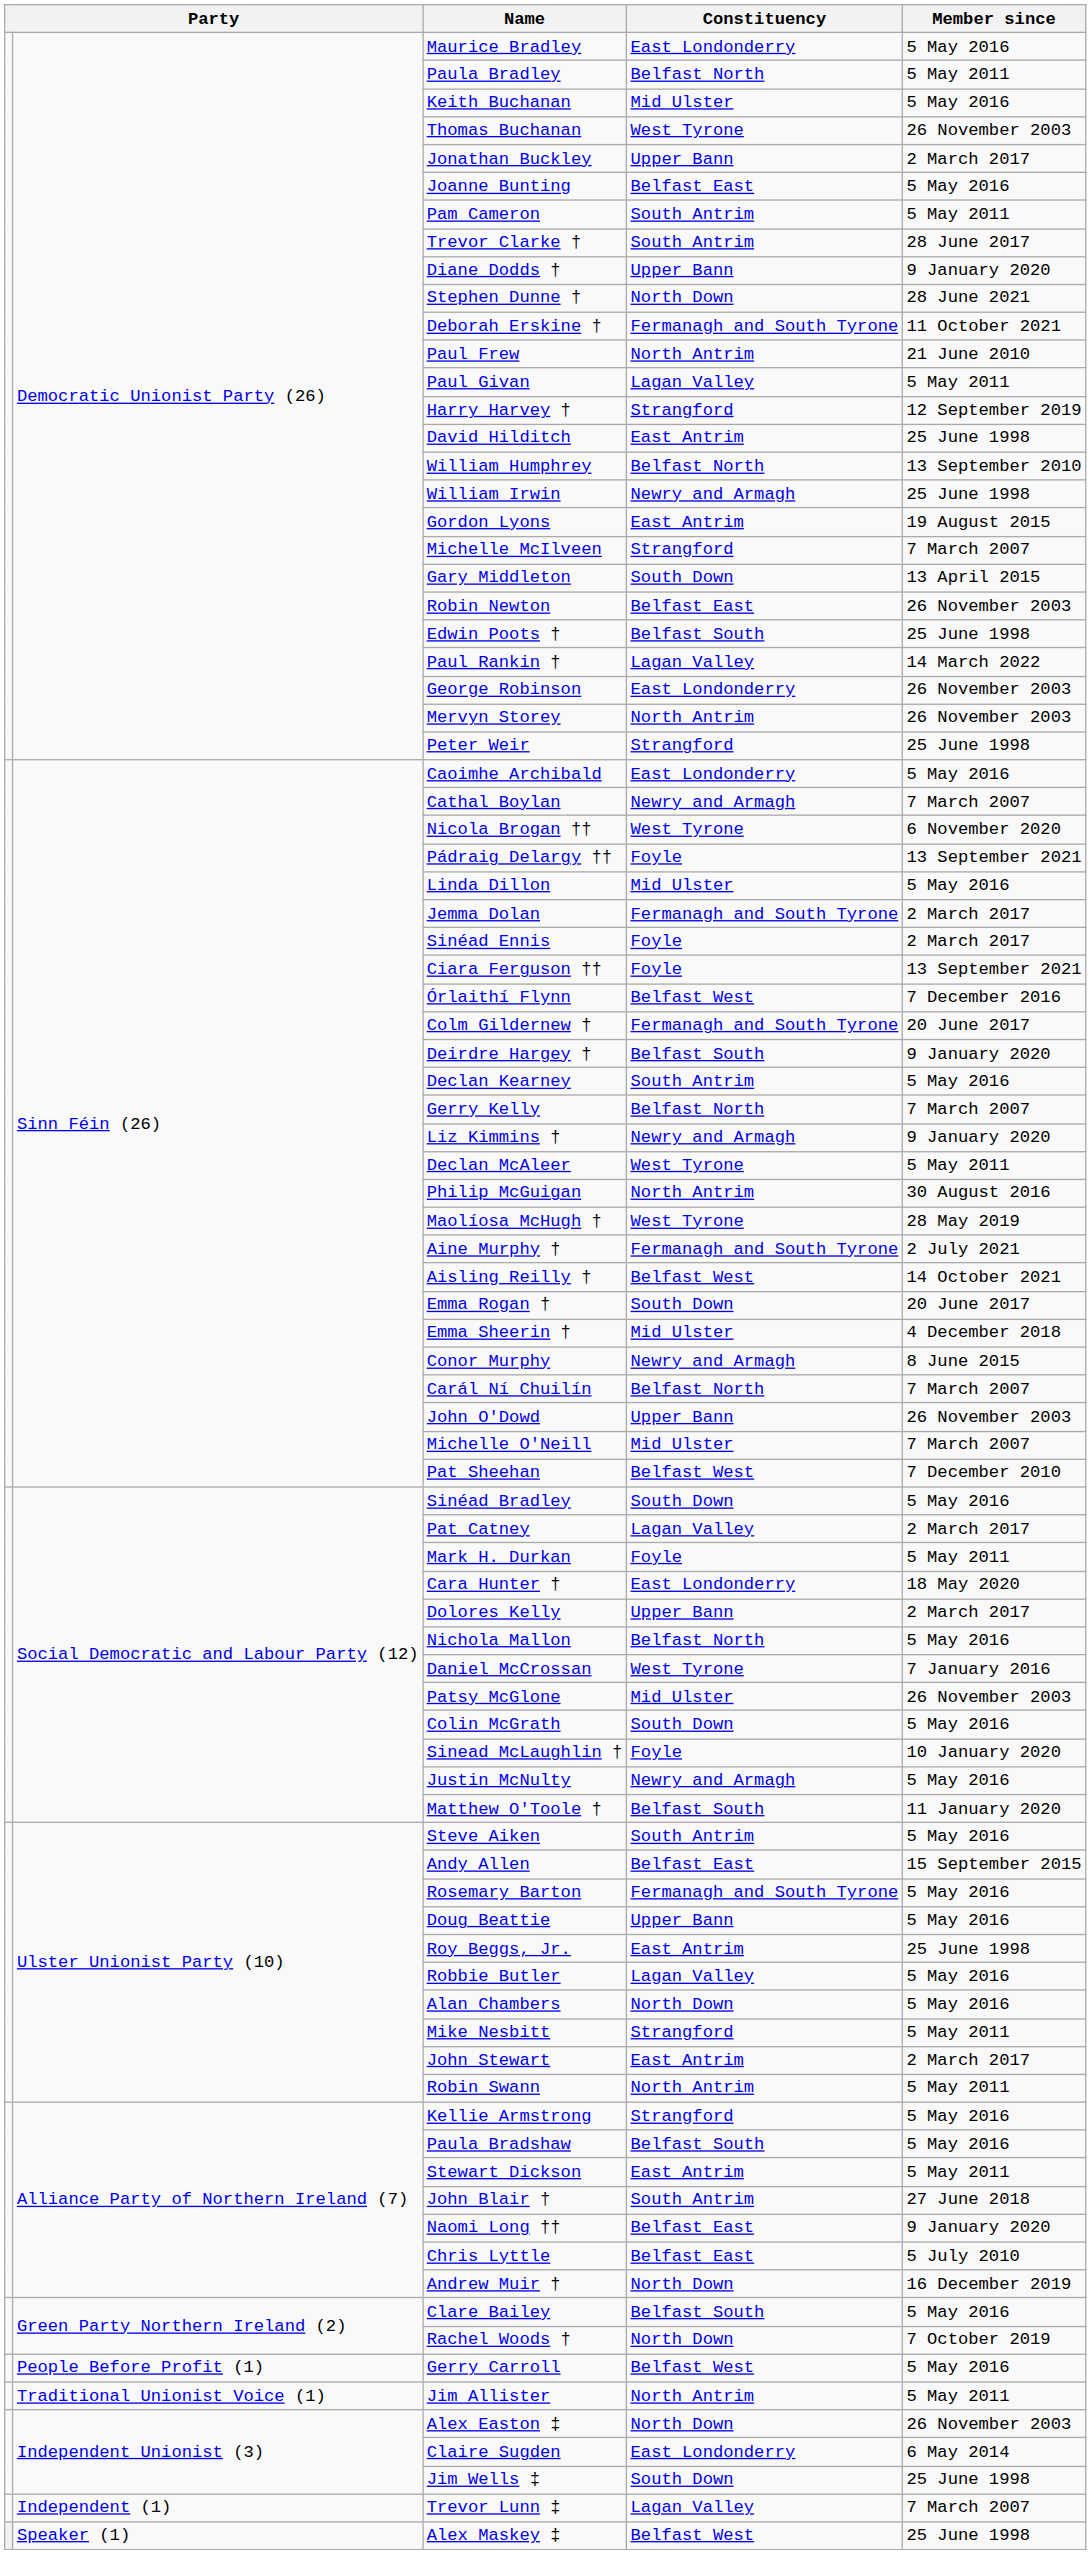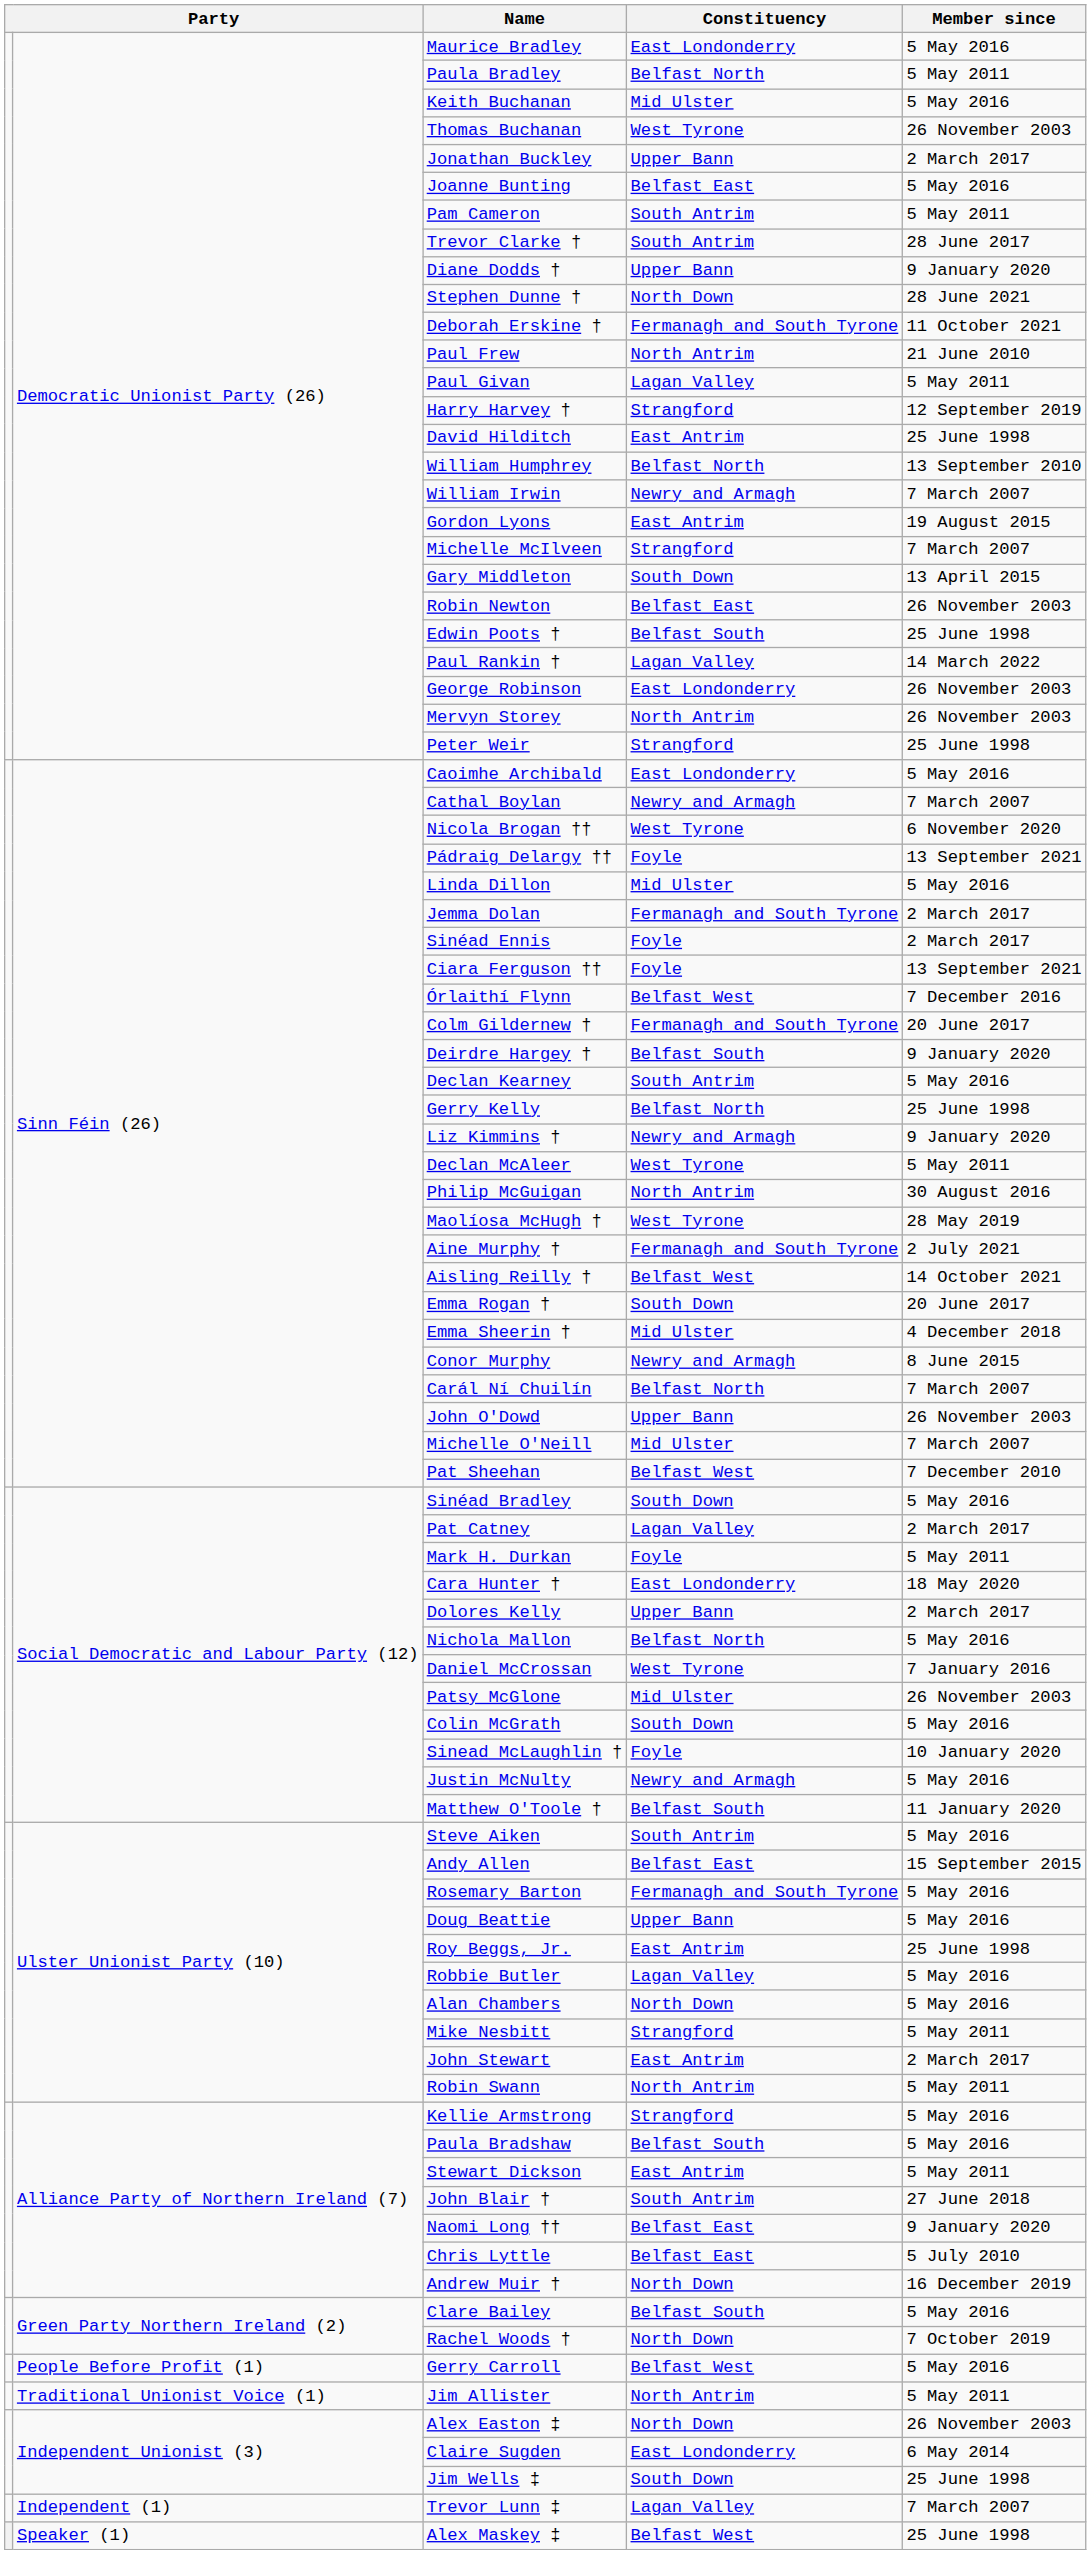 <table class="wikitable sortable">
 <tr>
 <th colspan="2">Party</th>
 <th>Name</th>
 <th>Constituency</th>
 <th>Member since</th>
 </tr>
 <tr>
 <td rowspan="26" style="background-color:"></td>
 <td rowspan="26"><a href='#'>Democratic Unionist Party</a> (26)</td>
 <td><a href='#'>Maurice Bradley</a></td>
 <td><a href='#'>East Londonderry</a></td>
 <td>5 May 2016</td>
 </tr>
 <tr>
 <td><a href='#'>Paula Bradley</a></td>
 <td><a href='#'>Belfast North</a></td>
 <td>5 May 2011</td>
 </tr>
 <tr>
 <td><a href='#'>Keith Buchanan</a></td>
 <td><a href='#'>Mid Ulster</a></td>
 <td>5 May 2016</td>
 </tr>
 <tr>
 <td><a href='#'>Thomas Buchanan</a></td>
 <td><a href='#'>West Tyrone</a></td>
 <td>26 November 2003</td>
 </tr>
 <tr>
 <td><a href='#'>Jonathan Buckley</a></td>
 <td><a href='#'>Upper Bann</a></td>
 <td>2 March 2017</td>
 </tr>
 <tr>
 <td><a href='#'>Joanne Bunting</a></td>
 <td><a href='#'>Belfast East</a></td>
 <td>5 May 2016</td>
 </tr>
 <tr>
 <td><a href='#'>Pam Cameron</a></td>
 <td><a href='#'>South Antrim</a></td>
 <td>5 May 2011</td>
 </tr>
 <tr>
 <td><a href='#'>Trevor Clarke</a> †</td>
 <td><a href='#'>South Antrim</a></td>
 <td>28 June 2017</td>
 </tr>
 <tr>
 <td><a href='#'>Diane Dodds</a> †</td>
 <td><a href='#'>Upper Bann</a></td>
 <td>9 January 2020</td>
 </tr>
 <tr>
 <td><a href='#'>Stephen Dunne</a> †</td>
 <td><a href='#'>North Down</a></td>
 <td>28 June 2021</td>
 </tr>
 <tr>
 <td><a href='#'>Deborah Erskine</a> †</td>
 <td><a href='#'>Fermanagh and South Tyrone</a></td>
 <td>11 October 2021</td>
 </tr>
 <tr>
 <td><a href='#'>Paul Frew</a></td>
 <td><a href='#'>North Antrim</a></td>
 <td>21 June 2010</td>
 </tr>
 <tr>
 <td><a href='#'>Paul Givan</a></td>
 <td><a href='#'>Lagan Valley</a></td>
 <td>5 May 2011</td>
 </tr>
 <tr>
 <td><a href='#'>Harry Harvey</a> †</td>
 <td><a href='#'>Strangford</a></td>
 <td>12 September 2019</td>
 </tr>
 <tr>
 <td><a href='#'>David Hilditch</a></td>
 <td><a href='#'>East Antrim</a></td>
 <td>25 June 1998</td>
 </tr>
 <tr>
 <td><a href='#'>William Humphrey</a></td>
 <td><a href='#'>Belfast North</a></td>
 <td>13 September 2010</td>
 </tr>
 <tr>
 <td><a href='#'>William Irwin</a></td>
 <td><a href='#'>Newry and Armagh</a></td>
-<td>25 June 1998</td>
+<td>7 March 2007</td>
 </tr>
 <tr>
 <td><a href='#'>Gordon Lyons</a></td>
 <td><a href='#'>East Antrim</a></td>
 <td>19 August 2015</td>
 </tr>
 <tr>
 <td><a href='#'>Michelle McIlveen</a></td>
 <td><a href='#'>Strangford</a></td>
 <td>7 March 2007</td>
 </tr>
 <tr>
 <td><a href='#'>Gary Middleton</a></td>
 <td><a href='#'>South Down</a></td>
 <td>13 April 2015</td>
 </tr>
 <tr>
 <td><a href='#'>Robin Newton</a></td>
 <td><a href='#'>Belfast East</a></td>
 <td>26 November 2003</td>
 </tr>
 <tr>
 <td><a href='#'>Edwin Poots</a> †</td>
 <td><a href='#'>Belfast South</a></td>
 <td>25 June 1998</td>
 </tr>
 <tr>
 <td><a href='#'>Paul Rankin</a> †</td>
 <td><a href='#'>Lagan Valley</a></td>
 <td>14 March 2022</td>
 </tr>
 <tr>
 <td><a href='#'>George Robinson</a></td>
 <td><a href='#'>East Londonderry</a></td>
 <td>26 November 2003</td>
 </tr>
 <tr>
 <td><a href='#'>Mervyn Storey</a></td>
 <td><a href='#'>North Antrim</a></td>
 <td>26 November 2003</td>
 </tr>
 <tr>
 <td><a href='#'>Peter Weir</a></td>
 <td><a href='#'>Strangford</a></td>
 <td>25 June 1998</td>
 </tr>
 <tr>
 <td rowspan="26" style="background-color:"></td>
 <td rowspan="26"><a href='#'>Sinn Féin</a> (26)</td>
 <td><a href='#'>Caoimhe Archibald</a></td>
 <td><a href='#'>East Londonderry</a></td>
 <td>5 May 2016</td>
 </tr>
 <tr>
 <td><a href='#'>Cathal Boylan</a></td>
 <td><a href='#'>Newry and Armagh</a></td>
 <td>7 March 2007</td>
 </tr>
 <tr>
 <td><a href='#'>Nicola Brogan</a> ††</td>
 <td><a href='#'>West Tyrone</a></td>
 <td>6 November 2020</td>
 </tr>
 <tr>
 <td><a href='#'>Pádraig Delargy</a> ††</td>
 <td><a href='#'>Foyle</a></td>
 <td>13 September 2021</td>
 </tr>
 <tr>
 <td><a href='#'>Linda Dillon</a></td>
 <td><a href='#'>Mid Ulster</a></td>
 <td>5 May 2016</td>
 </tr>
 <tr>
 <td><a href='#'>Jemma Dolan</a></td>
 <td><a href='#'>Fermanagh and South Tyrone</a></td>
 <td>2 March 2017</td>
 </tr>
 <tr>
 <td><a href='#'>Sinéad Ennis</a></td>
 <td><a href='#'>Foyle</a></td>
 <td>2 March 2017</td>
 </tr>
 <tr>
 <td><a href='#'>Ciara Ferguson</a> ††</td>
 <td><a href='#'>Foyle</a></td>
 <td>13 September 2021</td>
 </tr>
 <tr>
 <td><a href='#'>Órlaithí Flynn</a></td>
 <td><a href='#'>Belfast West</a></td>
 <td>7 December 2016</td>
 </tr>
 <tr>
 <td><a href='#'>Colm Gildernew</a> †</td>
 <td><a href='#'>Fermanagh and South Tyrone</a></td>
 <td>20 June 2017</td>
 </tr>
 <tr>
 <td><a href='#'>Deirdre Hargey</a> †</td>
 <td><a href='#'>Belfast South</a></td>
 <td>9 January 2020</td>
 </tr>
 <tr>
 <td><a href='#'>Declan Kearney</a></td>
 <td><a href='#'>South Antrim</a></td>
 <td>5 May 2016</td>
 </tr>
 <tr>
 <td><a href='#'>Gerry Kelly</a></td>
 <td><a href='#'>Belfast North</a></td>
-<td>7 March 2007</td>
+<td>25 June 1998</td>
 </tr>
 <tr>
 <td><a href='#'>Liz Kimmins</a> †</td>
 <td><a href='#'>Newry and Armagh</a></td>
 <td>9 January 2020</td>
 </tr>
 <tr>
 <td><a href='#'>Declan McAleer</a></td>
 <td><a href='#'>West Tyrone</a></td>
 <td>5 May 2011</td>
 </tr>
 <tr>
 <td><a href='#'>Philip McGuigan</a></td>
 <td><a href='#'>North Antrim</a></td>
 <td>30 August 2016</td>
 </tr>
 <tr>
 <td><a href='#'>Maolíosa McHugh</a> †</td>
 <td><a href='#'>West Tyrone</a></td>
 <td>28 May 2019</td>
 </tr>
 <tr>
 <td><a href='#'>Aine Murphy</a> †</td>
 <td><a href='#'>Fermanagh and South Tyrone</a></td>
 <td>2 July 2021</td>
 </tr>
 <tr>
 <td><a href='#'>Aisling Reilly</a> †</td>
 <td><a href='#'>Belfast West</a></td>
 <td>14 October 2021</td>
 </tr>
 <tr>
 <td><a href='#'>Emma Rogan</a> †</td>
 <td><a href='#'>South Down</a></td>
 <td>20 June 2017</td>
 </tr>
 <tr>
 <td><a href='#'>Emma Sheerin</a> †</td>
 <td><a href='#'>Mid Ulster</a></td>
 <td>4 December 2018</td>
 </tr>
 <tr>
 <td><a href='#'>Conor Murphy</a></td>
 <td><a href='#'>Newry and Armagh</a></td>
 <td>8 June 2015</td>
 </tr>
 <tr>
 <td><a href='#'>Carál Ní Chuilín</a></td>
 <td><a href='#'>Belfast North</a></td>
 <td>7 March 2007</td>
 </tr>
 <tr>
 <td><a href='#'>John O'Dowd</a></td>
 <td><a href='#'>Upper Bann</a></td>
 <td>26 November 2003</td>
 </tr>
 <tr>
 <td><a href='#'>Michelle O'Neill</a></td>
 <td><a href='#'>Mid Ulster</a></td>
 <td>7 March 2007</td>
 </tr>
 <tr>
 <td><a href='#'>Pat Sheehan</a></td>
 <td><a href='#'>Belfast West</a></td>
 <td>7 December 2010</td>
 </tr>
 <tr>
 <td rowspan="12" style="background-color:"></td>
 <td rowspan="12"><a href='#'>Social Democratic and Labour Party</a> (12)</td>
 <td><a href='#'>Sinéad Bradley</a></td>
 <td><a href='#'>South Down</a></td>
 <td>5 May 2016</td>
 </tr>
 <tr>
 <td><a href='#'>Pat Catney</a></td>
 <td><a href='#'>Lagan Valley</a></td>
 <td>2 March 2017</td>
 </tr>
 <tr>
 <td><a href='#'>Mark H. Durkan</a></td>
 <td><a href='#'>Foyle</a></td>
 <td>5 May 2011</td>
 </tr>
 <tr>
 <td><a href='#'>Cara Hunter</a> †</td>
 <td><a href='#'>East Londonderry</a></td>
 <td>18 May 2020</td>
 </tr>
 <tr>
 <td><a href='#'>Dolores Kelly</a></td>
 <td><a href='#'>Upper Bann</a></td>
 <td>2 March 2017</td>
 </tr>
 <tr>
 <td><a href='#'>Nichola Mallon</a></td>
 <td><a href='#'>Belfast North</a></td>
 <td>5 May 2016</td>
 </tr>
 <tr>
 <td><a href='#'>Daniel McCrossan</a></td>
 <td><a href='#'>West Tyrone</a></td>
 <td>7 January 2016</td>
 </tr>
 <tr>
 <td><a href='#'>Patsy McGlone</a></td>
 <td><a href='#'>Mid Ulster</a></td>
 <td>26 November 2003</td>
 </tr>
 <tr>
 <td><a href='#'>Colin McGrath</a></td>
 <td><a href='#'>South Down</a></td>
 <td>5 May 2016</td>
 </tr>
 <tr>
 <td><a href='#'>Sinead McLaughlin</a> †</td>
 <td><a href='#'>Foyle</a></td>
 <td>10 January 2020</td>
 </tr>
 <tr>
 <td><a href='#'>Justin McNulty</a></td>
 <td><a href='#'>Newry and Armagh</a></td>
 <td>5 May 2016</td>
 </tr>
 <tr>
 <td><a href='#'>Matthew O'Toole</a> †</td>
 <td><a href='#'>Belfast South</a></td>
 <td>11 January 2020</td>
 </tr>
 <tr>
 <td rowspan="10" style="background-color:"></td>
 <td rowspan="10"><a href='#'>Ulster Unionist Party</a> (10)</td>
 <td><a href='#'>Steve Aiken</a></td>
 <td><a href='#'>South Antrim</a></td>
 <td>5 May 2016</td>
 </tr>
 <tr>
 <td><a href='#'>Andy Allen</a></td>
 <td><a href='#'>Belfast East</a></td>
 <td>15 September 2015</td>
 </tr>
 <tr>
 <td><a href='#'>Rosemary Barton</a></td>
 <td><a href='#'>Fermanagh and South Tyrone</a></td>
 <td>5 May 2016</td>
 </tr>
 <tr>
 <td><a href='#'>Doug Beattie</a></td>
 <td><a href='#'>Upper Bann</a></td>
 <td>5 May 2016</td>
 </tr>
 <tr>
 <td><a href='#'>Roy Beggs, Jr.</a></td>
 <td><a href='#'>East Antrim</a></td>
 <td>25 June 1998</td>
 </tr>
 <tr>
 <td><a href='#'>Robbie Butler</a></td>
 <td><a href='#'>Lagan Valley</a></td>
 <td>5 May 2016</td>
 </tr>
 <tr>
 <td><a href='#'>Alan Chambers</a></td>
 <td><a href='#'>North Down</a></td>
 <td>5 May 2016</td>
 </tr>
 <tr>
 <td><a href='#'>Mike Nesbitt</a></td>
 <td><a href='#'>Strangford</a></td>
 <td>5 May 2011</td>
 </tr>
 <tr>
 <td><a href='#'>John Stewart</a></td>
 <td><a href='#'>East Antrim</a></td>
 <td>2 March 2017</td>
 </tr>
 <tr>
 <td><a href='#'>Robin Swann</a></td>
 <td><a href='#'>North Antrim</a></td>
 <td>5 May 2011</td>
 </tr>
 <tr>
 <td rowspan="7" style="background-color:"></td>
 <td rowspan="7"><a href='#'>Alliance Party of Northern Ireland</a> (7)</td>
 <td><a href='#'>Kellie Armstrong</a></td>
 <td><a href='#'>Strangford</a></td>
 <td>5 May 2016</td>
 </tr>
 <tr>
 <td><a href='#'>Paula Bradshaw</a></td>
 <td><a href='#'>Belfast South</a></td>
 <td>5 May 2016</td>
 </tr>
 <tr>
 <td><a href='#'>Stewart Dickson</a></td>
 <td><a href='#'>East Antrim</a></td>
 <td>5 May 2011</td>
 </tr>
 <tr>
 <td><a href='#'>John Blair</a> †</td>
 <td><a href='#'>South Antrim</a></td>
 <td>27 June 2018</td>
 </tr>
 <tr>
 <td><a href='#'>Naomi Long</a> ††</td>
 <td><a href='#'>Belfast East</a></td>
 <td>9 January 2020</td>
 </tr>
 <tr>
 <td><a href='#'>Chris Lyttle</a></td>
 <td><a href='#'>Belfast East</a></td>
 <td>5 July 2010</td>
 </tr>
 <tr>
 <td><a href='#'>Andrew Muir</a> †</td>
 <td><a href='#'>North Down</a></td>
 <td>16 December 2019</td>
 </tr>
 <tr>
 <td rowspan="2" style="background-color:"></td>
 <td rowspan="2"><a href='#'>Green Party Northern Ireland</a> (2)</td>
 <td><a href='#'>Clare Bailey</a></td>
 <td><a href='#'>Belfast South</a></td>
 <td>5 May 2016</td>
 </tr>
 <tr>
 <td><a href='#'>Rachel Woods</a> †</td>
 <td><a href='#'>North Down</a></td>
 <td>7 October 2019</td>
 </tr>
 <tr>
 <td style="background-color:"></td>
 <td><a href='#'>People Before Profit</a> (1)</td>
 <td><a href='#'>Gerry Carroll</a></td>
 <td><a href='#'>Belfast West</a></td>
 <td>5 May 2016</td>
 </tr>
 <tr>
 <td style="background-color:"></td>
 <td><a href='#'>Traditional Unionist Voice</a> (1)</td>
 <td><a href='#'>Jim Allister</a></td>
 <td><a href='#'>North Antrim</a></td>
 <td>5 May 2011</td>
 </tr>
 <tr>
 <td rowspan="3" style="background-color:"></td>
 <td rowspan="3"><a href='#'>Independent Unionist</a> (3)</td>
 <td><a href='#'>Alex Easton</a> ‡</td>
 <td><a href='#'>North Down</a></td>
 <td>26 November 2003</td>
 </tr>
 <tr>
 <td><a href='#'>Claire Sugden</a></td>
 <td><a href='#'>East Londonderry</a></td>
 <td>6 May 2014</td>
 </tr>
 <tr>
 <td><a href='#'>Jim Wells</a> ‡</td>
 <td><a href='#'>South Down</a></td>
 <td>25 June 1998</td>
 </tr>
 <tr>
 <td style="background-color:"></td>
 <td><a href='#'>Independent</a> (1)</td>
 <td><a href='#'>Trevor Lunn</a> ‡</td>
 <td><a href='#'>Lagan Valley</a></td>
 <td>7 March 2007</td>
 </tr>
 <tr>
 <th rowspan="1" style="background-color: "></th>
 <td rowspan="1"><a href='#'>Speaker</a> (1)</td>
 <td><a href='#'>Alex Maskey</a> ‡</td>
 <td><a href='#'>Belfast West</a></td>
 <td>25 June 1998</td>
 </tr>
 </table>
